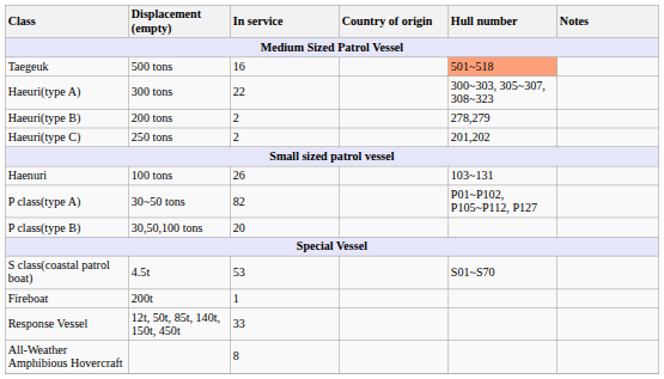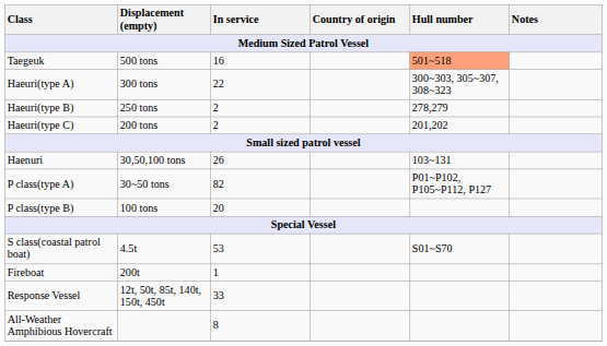 <table class="wikitable">
 <tr>
 <th style="text-align:left; width:17%;">Class</th>
 <th style="text-align:left; width:14%;">Displacement (empty)</th>
 <th style="text-align:left; width:15%;">In service</th>
 <th style="text-align:left; width:15%;">Country of origin</th>
 <th style="text-align:left; width:15%;">Hull number</th>
 <th style="text-align:left; width:14%;">Notes</th>
 </tr>
 <tr>
 <th colspan="6" style="background: lavender;">Medium Sized Patrol Vessel</th>
 </tr>
 <tr>
 <td>Taegeuk</td>
 <td>500 tons</td>
 <td>16</td>
 <td></td>
 <td style="background: lightsalmon;">501~518</td>
 <td></td>
 </tr>
 <tr>
 <td>Haeuri(type A)</td>
 <td>300 tons</td>
 <td>22</td>
 <td></td>
 <td>300~303, 305~307, 308~323</td>
 <td></td>
 </tr>
 <tr>
 <td>Haeuri(type B)</td>
-<td>200 tons</td>
+<td>250 tons</td>
 <td>2</td>
 <td></td>
 <td>278,279</td>
 <td></td>
 </tr>
 <tr>
 <td>Haeuri(type C)</td>
-<td>250 tons</td>
+<td>200 tons</td>
 <td>2</td>
 <td></td>
 <td>201,202</td>
 <td></td>
 </tr>
 <tr>
 <th colspan="6" style="background: lavender;">Small sized patrol vessel</th>
 </tr>
 <tr>
 <td>Haenuri</td>
-<td>100 tons</td>
+<td>30,50,100 tons</td>
 <td>26</td>
 <td></td>
 <td>103~131</td>
 <td></td>
 </tr>
 <tr>
 <td>P class(type A)</td>
 <td>30~50 tons</td>
 <td>82</td>
 <td></td>
 <td>P01~P102, P105~P112, P127</td>
 <td></td>
 </tr>
 <tr>
 <td>P class(type B)</td>
-<td>30,50,100 tons</td>
+<td>100 tons</td>
 <td>20</td>
 <td></td>
 <td></td>
 <td></td>
 </tr>
 <tr>
 <th colspan="6" style="background: lavender;">Special Vessel</th>
 </tr>
 <tr>
 <td>S class(coastal patrol boat)</td>
 <td>4.5t</td>
 <td>53</td>
 <td></td>
 <td>S01~S70</td>
 <td></td>
 </tr>
 <tr>
 <td>Fireboat</td>
 <td>200t</td>
 <td>1</td>
 <td></td>
 <td></td>
 <td></td>
 </tr>
 <tr>
 <td>Response Vessel</td>
 <td>12t, 50t, 85t, 140t, 150t, 450t</td>
 <td>33</td>
 <td></td>
 <td></td>
 <td></td>
 </tr>
 <tr>
 <td>All-Weather Amphibious Hovercraft</td>
 <td></td>
 <td>8</td>
 <td></td>
 <td></td>
 <td></td>
 </tr>
 <tr>
 </tr>
 </table>
